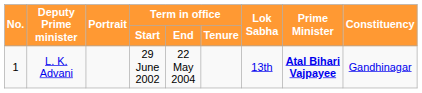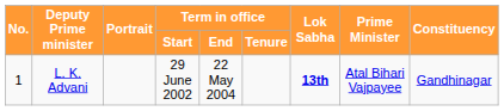 <table class="wikitable sortable">
 <tr>
 <th rowspan="2" style="background:#f93; color:white;">No.</th>
 <th rowspan="2" style="background:#f93; color:white;">Deputy Prime minister</th>
 <th rowspan="2" style="background:#f93; color:white;">Portrait</th>
 <th colspan="3" style="background:#f93; color:white;">Term in office</th>
 <th rowspan="2" style="background:#f93; color:white;">Lok Sabha</th>
 <th rowspan="2" style="background:#f93; color:white;">Prime Minister</th>
 <th rowspan="2" style="background:#f93; color:white;">Constituency</th>
 </tr>
 <tr>
 <th style="background:#f93; color:white;">Start</th>
 <th style="background:#f93; color:white;">End</th>
 <th style="background:#f93; color:white;">Tenure</th>
 </tr>
 <tr style="text-align: center;"        |- style="text-align: center;">
 <td rowspan="2">1</td>
 <td rowspan="2"><a href='#'>L. K. Advani</a></td>
 <td rowspan="2"></td>
 <td rowspan="2">29 June 2002</td>
 <td rowspan="2">22 May 2004</td>
 <td rowspan ="2"></td>
-<td><a href='#'>13th</a></td>
-<td><strong><a href='#'>Atal Bihari Vajpayee</a></strong></td>
+<td><strong><a href='#'>13th</a></strong></td>
+<td><a href='#'>Atal Bihari Vajpayee</a></td>
 <td rowspan="2"><a href='#'>Gandhinagar</a></td>
 </tr>
 </table>
